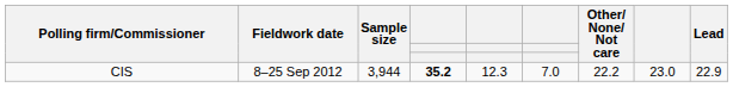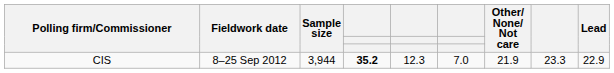 <table class="wikitable collapsible collapsed" style="text-align:center; font-size:90%; line-height:14px;">
 <tr style="height:42px;">
 <th style="width:250px;" rowspan="3">Polling firm/Commissioner</th>
 <th style="width:125px;" rowspan="3">Fieldwork date</th>
 <th style="width:50px;" rowspan="3">Sample size</th>
 <th style="width:55px;"></th>
 <th style="width:55px;"></th>
 <th style="width:55px;"></th>
 <th style="width:55px;" rowspan="3">Other/<br>None/<br>Not<br>care</th>
 <th style="width:55px;" rowspan="3"></th>
 <th style="width:30px;" rowspan="3">Lead</th>
 </tr>
 <tr>
 <th style="color:inherit;background:"></th>
 <th style="color:inherit;background:"></th>
 <th style="color:inherit;background:"></th>
 </tr>
 <tr>
 <th></th>
 <th></th>
 <th></th>
 </tr>
 <tr>
 <td>CIS</td>
 <td>8–25 Sep 2012</td>
 <td>3,944</td>
 <td><strong>35.2</strong></td>
 <td>12.3</td>
 <td>7.0</td>
-<td>22.2</td>
-<td>23.0</td>
+<td>21.9</td>
+<td>23.3</td>
 <td style="background:">22.9</td>
 </tr>
 </table>
